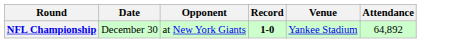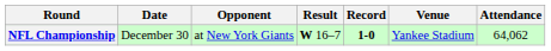 <table class="wikitable" style="text-align:center">
 <tr>
 <th>Round</th>
 <th>Date</th>
 <th>Opponent</th>
+<th>Result</th>
 <th>Record</th>
 <th>Venue</th>
 <th>Attendance</th>
 </tr>
 <tr align="center"  style="background: #cfc;">
 <th><a href='#'>NFL Championship</a></th>
 <td>December 30</td>
 <td>at <a href='#'>New York Giants</a></td>
+<td><strong>W</strong> 16–7</td>
 <td><strong>1-0</strong></td>
 <td><a href='#'>Yankee Stadium</a></td>
-<td>64,892</td>
+<td>64,062</td>
 </tr>
 </table>
